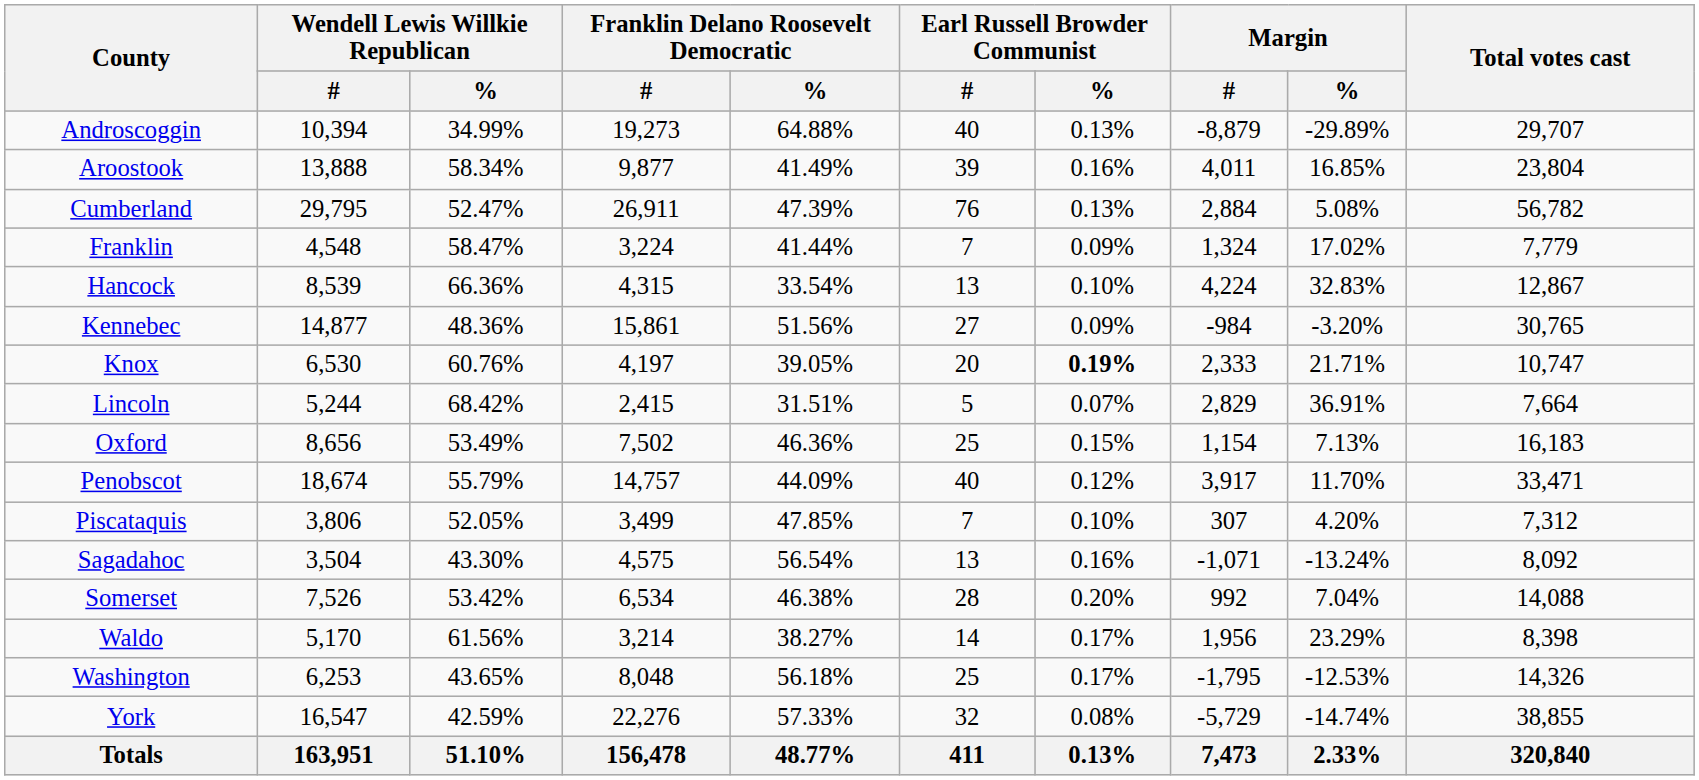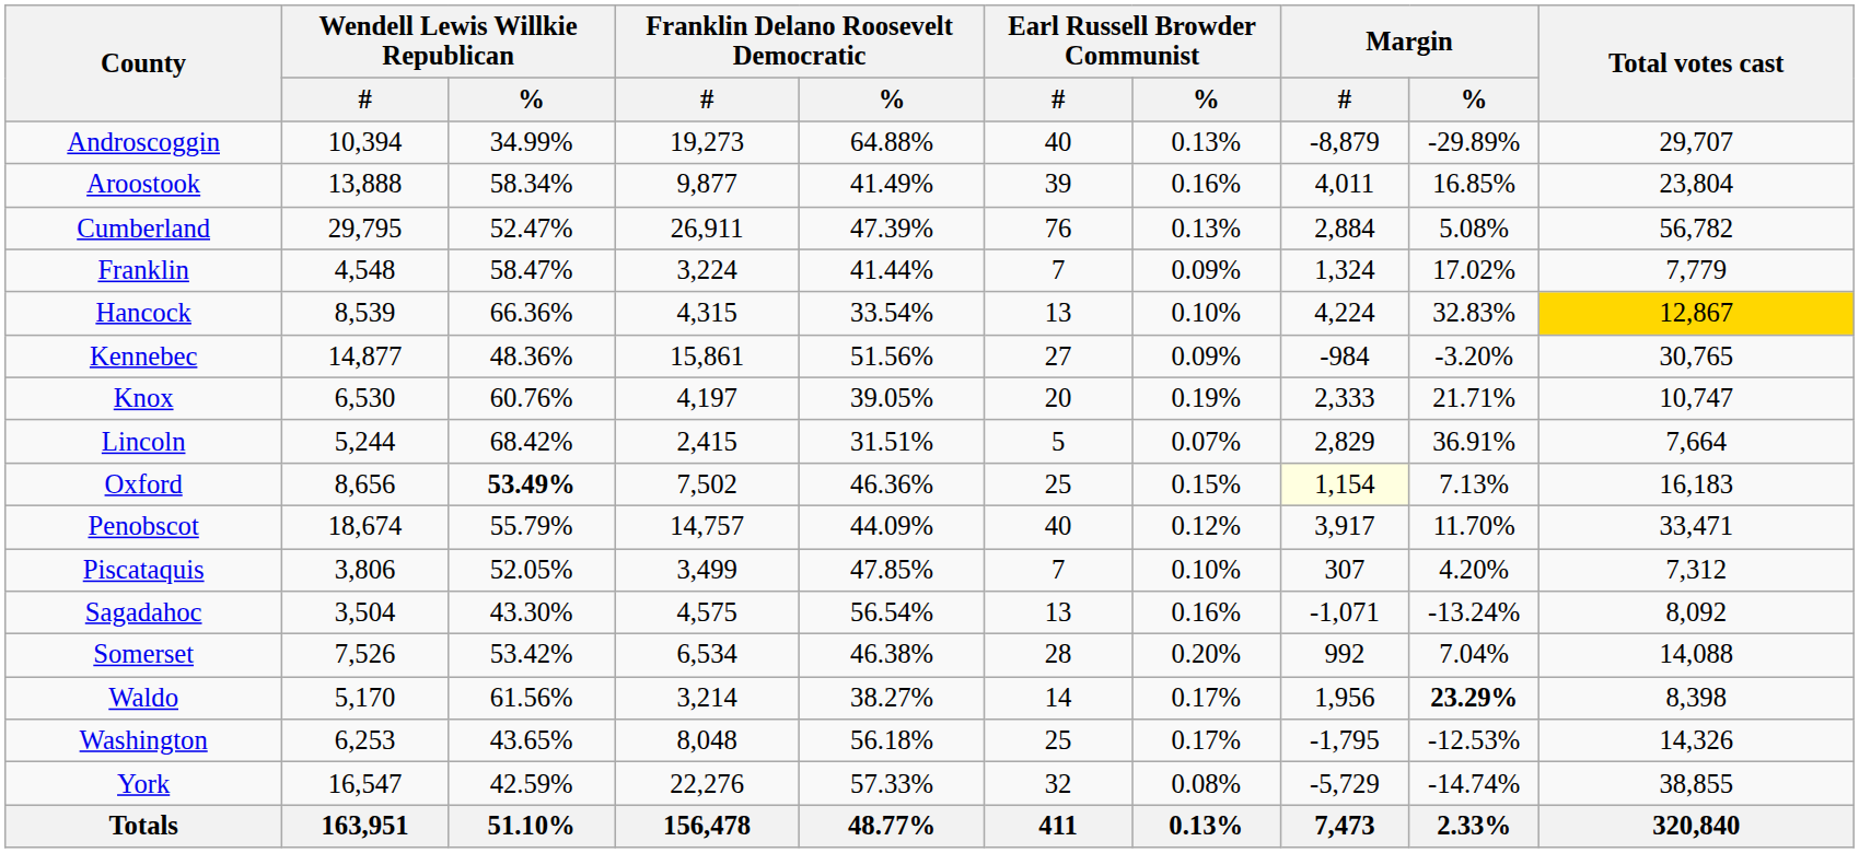 <table class="wikitable sortable">
 <tr>
 <th rowspan="2">County</th>
 <th colspan="2">Wendell Lewis Willkie<br>Republican</th>
 <th colspan="2">Franklin Delano Roosevelt<br>Democratic</th>
 <th colspan="2">Earl Russell Browder<br>Communist</th>
 <th colspan="2">Margin</th>
 <th rowspan="2">Total votes cast</th>
 </tr>
 <tr bgcolor="lightgrey">
 <th width="9%" data-sort-type="number">#</th>
 <th width="9%" data-sort-type="number">%</th>
 <th width="10%" data-sort-type="number">#</th>
 <th width="10%" data-sort-type="number">%</th>
 <th width="8%" data-sort-type="number">#</th>
 <th width="8%" data-sort-type="number">%</th>
 <th width="7%" data-sort-type="number">#</th>
 <th width="7%" data-sort-type="number">%</th>
 </tr>
 <tr style="text-align:center;">
 <td><a href='#'>Androscoggin</a></td>
 <td>10,394</td>
 <td>34.99%</td>
 <td>19,273</td>
 <td>64.88%</td>
 <td>40</td>
 <td>0.13%</td>
 <td>-8,879</td>
 <td>-29.89%</td>
 <td>29,707</td>
 </tr>
 <tr style="text-align:center;">
 <td><a href='#'>Aroostook</a></td>
 <td>13,888</td>
 <td>58.34%</td>
 <td>9,877</td>
 <td>41.49%</td>
 <td>39</td>
 <td>0.16%</td>
 <td>4,011</td>
 <td>16.85%</td>
 <td>23,804</td>
 </tr>
 <tr style="text-align:center;">
 <td><a href='#'>Cumberland</a></td>
 <td>29,795</td>
 <td>52.47%</td>
 <td>26,911</td>
 <td>47.39%</td>
 <td>76</td>
 <td>0.13%</td>
 <td>2,884</td>
 <td>5.08%</td>
 <td>56,782</td>
 </tr>
 <tr style="text-align:center;">
 <td><a href='#'>Franklin</a></td>
 <td>4,548</td>
 <td>58.47%</td>
 <td>3,224</td>
 <td>41.44%</td>
 <td>7</td>
 <td>0.09%</td>
 <td>1,324</td>
 <td>17.02%</td>
 <td>7,779</td>
 </tr>
 <tr style="text-align:center;">
 <td><a href='#'>Hancock</a></td>
 <td>8,539</td>
 <td>66.36%</td>
 <td>4,315</td>
 <td>33.54%</td>
 <td>13</td>
 <td>0.10%</td>
 <td>4,224</td>
 <td>32.83%</td>
-<td>12,867</td>
+<td style="background: gold;">12,867</td>
 </tr>
 <tr style="text-align:center;">
 <td><a href='#'>Kennebec</a></td>
 <td>14,877</td>
 <td>48.36%</td>
 <td>15,861</td>
 <td>51.56%</td>
 <td>27</td>
 <td>0.09%</td>
 <td>-984</td>
 <td>-3.20%</td>
 <td>30,765</td>
 </tr>
 <tr style="text-align:center;">
 <td><a href='#'>Knox</a></td>
 <td>6,530</td>
 <td>60.76%</td>
 <td>4,197</td>
 <td>39.05%</td>
 <td>20</td>
-<td><strong>0.19%</strong></td>
+<td>0.19%</td>
 <td>2,333</td>
 <td>21.71%</td>
 <td>10,747</td>
 </tr>
 <tr style="text-align:center;">
 <td><a href='#'>Lincoln</a></td>
 <td>5,244</td>
 <td>68.42%</td>
 <td>2,415</td>
 <td>31.51%</td>
 <td>5</td>
 <td>0.07%</td>
 <td>2,829</td>
 <td>36.91%</td>
 <td>7,664</td>
 </tr>
 <tr style="text-align:center;">
 <td><a href='#'>Oxford</a></td>
 <td>8,656</td>
-<td>53.49%</td>
+<td><strong>53.49%</strong></td>
 <td>7,502</td>
 <td>46.36%</td>
 <td>25</td>
 <td>0.15%</td>
-<td>1,154</td>
+<td style="background: lightyellow;">1,154</td>
 <td>7.13%</td>
 <td>16,183</td>
 </tr>
 <tr style="text-align:center;">
 <td><a href='#'>Penobscot</a></td>
 <td>18,674</td>
 <td>55.79%</td>
 <td>14,757</td>
 <td>44.09%</td>
 <td>40</td>
 <td>0.12%</td>
 <td>3,917</td>
 <td>11.70%</td>
 <td>33,471</td>
 </tr>
 <tr style="text-align:center;">
 <td><a href='#'>Piscataquis</a></td>
 <td>3,806</td>
 <td>52.05%</td>
 <td>3,499</td>
 <td>47.85%</td>
 <td>7</td>
 <td>0.10%</td>
 <td>307</td>
 <td>4.20%</td>
 <td>7,312</td>
 </tr>
 <tr style="text-align:center;">
 <td><a href='#'>Sagadahoc</a></td>
 <td>3,504</td>
 <td>43.30%</td>
 <td>4,575</td>
 <td>56.54%</td>
 <td>13</td>
 <td>0.16%</td>
 <td>-1,071</td>
 <td>-13.24%</td>
 <td>8,092</td>
 </tr>
 <tr style="text-align:center;">
 <td><a href='#'>Somerset</a></td>
 <td>7,526</td>
 <td>53.42%</td>
 <td>6,534</td>
 <td>46.38%</td>
 <td>28</td>
 <td>0.20%</td>
 <td>992</td>
 <td>7.04%</td>
 <td>14,088</td>
 </tr>
 <tr style="text-align:center;">
 <td><a href='#'>Waldo</a></td>
 <td>5,170</td>
 <td>61.56%</td>
 <td>3,214</td>
 <td>38.27%</td>
 <td>14</td>
 <td>0.17%</td>
 <td>1,956</td>
-<td>23.29%</td>
+<td><strong>23.29%</strong></td>
 <td>8,398</td>
 </tr>
 <tr style="text-align:center;">
 <td><a href='#'>Washington</a></td>
 <td>6,253</td>
 <td>43.65%</td>
 <td>8,048</td>
 <td>56.18%</td>
 <td>25</td>
 <td>0.17%</td>
 <td>-1,795</td>
 <td>-12.53%</td>
 <td>14,326</td>
 </tr>
 <tr style="text-align:center;">
 <td><a href='#'>York</a></td>
 <td>16,547</td>
 <td>42.59%</td>
 <td>22,276</td>
 <td>57.33%</td>
 <td>32</td>
 <td>0.08%</td>
 <td>-5,729</td>
 <td>-14.74%</td>
 <td>38,855</td>
 </tr>
 <tr style="text-align:center;">
 <th>Totals</th>
 <th>163,951</th>
 <th>51.10%</th>
 <th>156,478</th>
 <th>48.77%</th>
 <th>411</th>
 <th>0.13%</th>
 <th>7,473</th>
 <th>2.33%</th>
 <th>320,840</th>
 </tr>
 </table>
